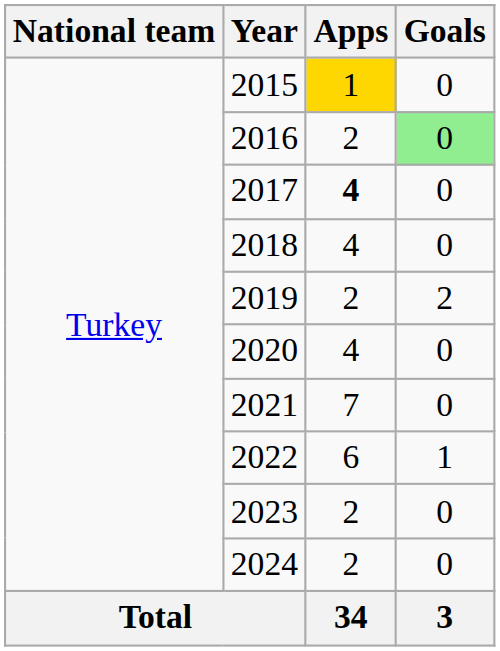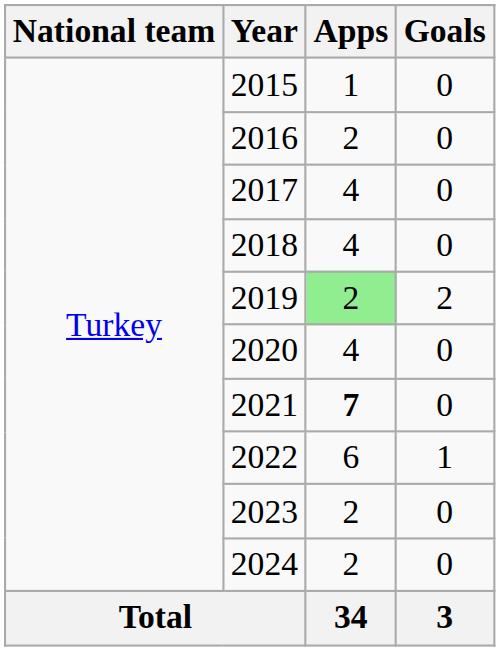 <table class="wikitable" style="text-align:center">
 <tr>
 <th>National team</th>
 <th>Year</th>
 <th>Apps</th>
 <th>Goals</th>
 </tr>
 <tr>
 <td rowspan="10"><a href='#'>Turkey</a></td>
 <td>2015</td>
-<td style="background: gold;">1</td>
+<td>1</td>
 <td>0</td>
 </tr>
 <tr>
 <td>2016</td>
 <td>2</td>
-<td style="background: lightgreen;">0</td>
+<td>0</td>
 </tr>
 <tr>
 <td>2017</td>
-<td><strong>4</strong></td>
+<td>4</td>
 <td>0</td>
 </tr>
 <tr>
 <td>2018</td>
 <td>4</td>
 <td>0</td>
 </tr>
 <tr>
 <td>2019</td>
-<td>2</td>
+<td style="background: lightgreen;">2</td>
 <td>2</td>
 </tr>
 <tr>
 <td>2020</td>
 <td>4</td>
 <td>0</td>
 </tr>
 <tr>
 <td>2021</td>
-<td>7</td>
+<td><strong>7</strong></td>
 <td>0</td>
 </tr>
 <tr>
 <td>2022</td>
 <td>6</td>
 <td>1</td>
 </tr>
 <tr>
 <td>2023</td>
 <td>2</td>
 <td>0</td>
 </tr>
 <tr>
 <td>2024</td>
 <td>2</td>
 <td>0</td>
 </tr>
 <tr>
 <th colspan="2">Total</th>
 <th>34</th>
 <th>3</th>
 </tr>
 </table>
